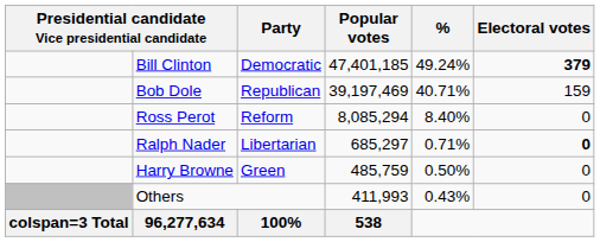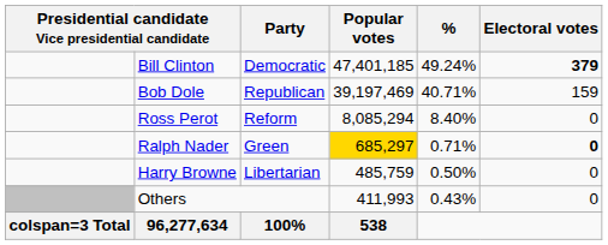 <table class="wikitable" style="text-align:right; line-height:1.2">
 <tr>
 <th colspan=2>Presidential candidate<br><small>Vice presidential candidate</small></th>
 <th>Party</th>
 <th>Popular<br>votes</th>
 <th>%</th>
 <th>Electoral votes</th>
 </tr>
 <tr>
 <td style=background:></td>
 <td align=left><a href='#'>Bill Clinton</a> <br></td>
 <td align=left><a href='#'>Democratic</a></td>
 <td>47,401,185</td>
 <td>49.24%</td>
 <td><strong>379</strong></td>
 </tr>
 <tr>
 <td style=background-color:></td>
 <td align=left><a href='#'>Bob Dole</a><br></td>
 <td align=left><a href='#'>Republican</a></td>
 <td>39,197,469</td>
 <td>40.71%</td>
 <td>159</td>
 </tr>
 <tr>
 <td style=background:></td>
 <td align=left><a href='#'>Ross Perot</a><br></td>
 <td align=left><a href='#'>Reform</a></td>
 <td>8,085,294</td>
 <td>8.40%</td>
 <td>0</td>
 </tr>
 <tr>
 <td style=background:></td>
 <td align=left><a href='#'>Ralph Nader</a><br></td>
-<td align=left><a href='#'>Libertarian</a></td>
-<td>685,297</td>
+<td align=left><a href='#'>Green</a></td>
+<td style="background: gold;">685,297</td>
 <td>0.71%</td>
 <td><strong>0</strong></td>
 </tr>
 <tr>
 <td style=background:></td>
 <td align=left><a href='#'>Harry Browne</a><br></td>
-<td align=left><a href='#'>Green</a></td>
+<td align=left><a href='#'>Libertarian</a></td>
 <td>485,759</td>
 <td>0.50%</td>
 <td>0</td>
 </tr>
 <tr>
 <td bgcolor=#C0C0C0></td>
 <td colspan=2 align=left>Others</td>
 <td>411,993</td>
 <td>0.43%</td>
 <td>0</td>
 </tr>
 <tr>
 <th>colspan=3  Total</th>
 <th> 96,277,634</th>
 <th> 100%</th>
 <th> 538</th>
 </tr>
 </table>
